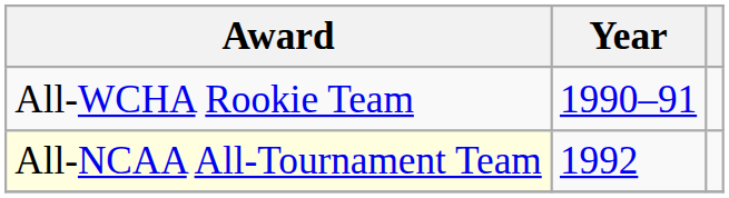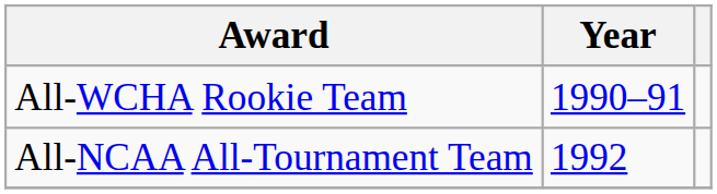 <table class="wikitable">
 <tr>
 <th>Award</th>
 <th>Year</th>
 <th></th>
 </tr>
 <tr>
 <td>All-<a href='#'>WCHA</a> <a href='#'>Rookie Team</a></td>
 <td><a href='#'>1990–91</a></td>
 <td></td>
 </tr>
 <tr>
-<td style="background: lightyellow;">All-<a href='#'>NCAA</a> <a href='#'>All-Tournament Team</a></td>
+<td>All-<a href='#'>NCAA</a> <a href='#'>All-Tournament Team</a></td>
 <td><a href='#'>1992</a></td>
 <td></td>
 </tr>
 <tr>
 </tr>
 </table>
